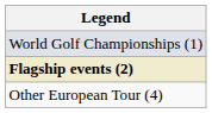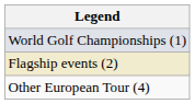 <table class="wikitable" style="font-size:95%;">
 <tr>
 <th>Legend</th>
 </tr>
 <tr style="background:#dfe2e9">
 <td>World Golf Championships (1)</td>
 </tr>
 <tr style="background:#f2ecce;">
-<td><strong>Flagship events (2)</strong></td>
+<td>Flagship events (2)</td>
 </tr>
 <tr>
 <td>Other European Tour (4)</td>
 </tr>
 </table>
